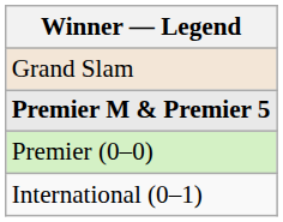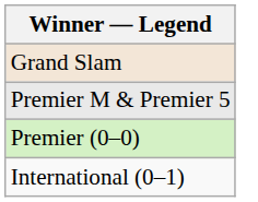 <table class="wikitable" style="font-size:90%;">
 <tr>
 <th>Winner — Legend</th>
 </tr>
 <tr>
 <td style="background:#f3e6d7;">Grand Slam</td>
 </tr>
 <tr>
-<td style="background:#e9e9e9;"><strong>Premier M & Premier 5</strong></td>
+<td style="background:#e9e9e9;">Premier M & Premier 5</td>
 </tr>
 <tr>
 <td style="background:#d4f1c5;">Premier (0–0)</td>
 </tr>
 <tr>
 <td>International (0–1)</td>
 </tr>
 </table>
